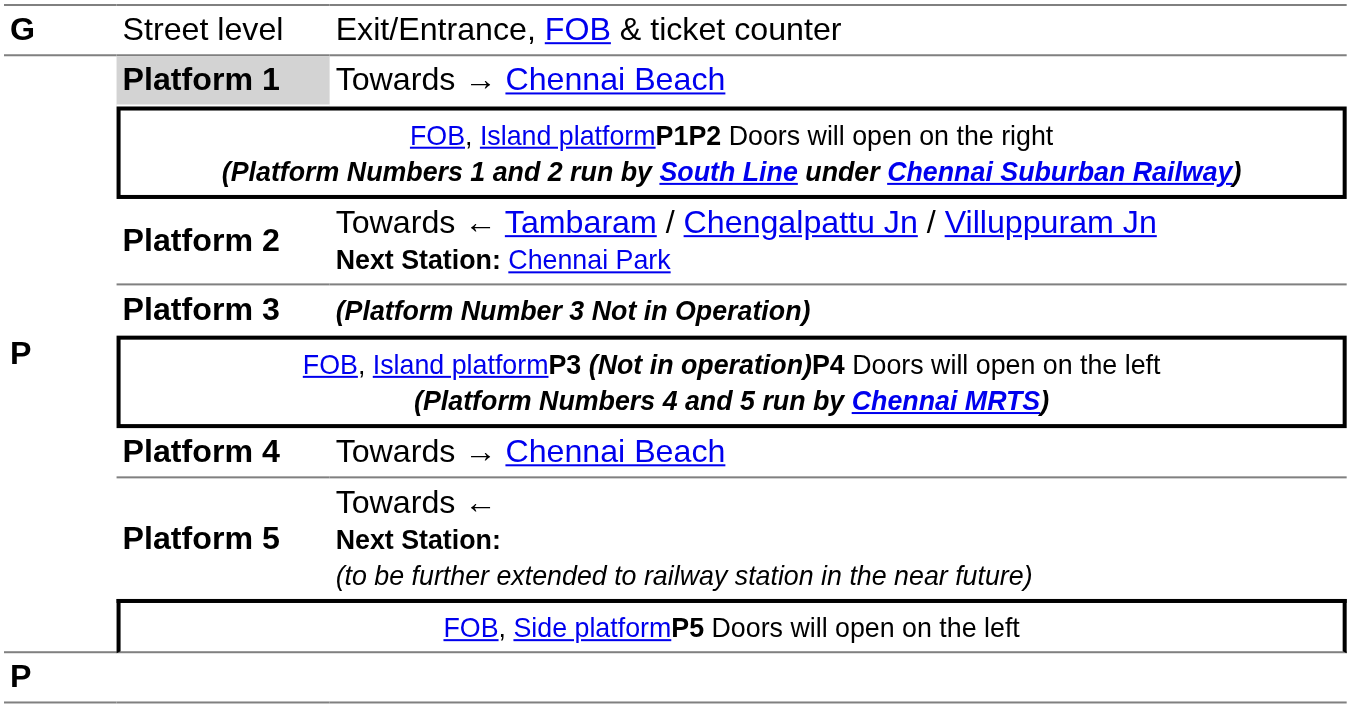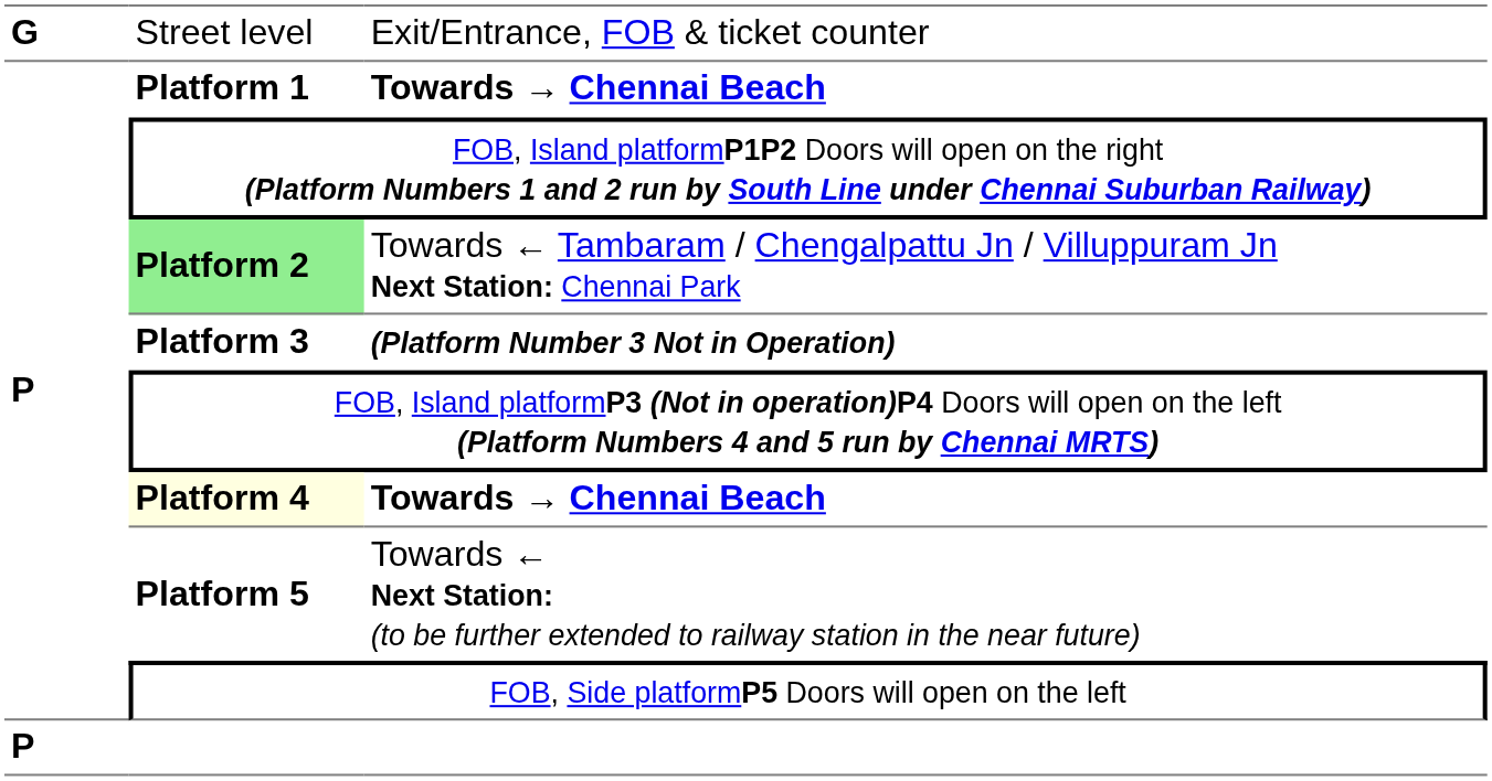 <table cellpadding="3" cellspacing="0" border="0">
 <tr>
 <td valign="top" width="50" style="border-top:solid 1px gray;border-bottom:solid 1px gray;"><strong>G</strong></td>
 <td valign="top" width="100" style="border-top:solid 1px gray;border-bottom:solid 1px gray;">Street level</td>
 <td valign="top" width="390" style="border-top:solid 1px gray;border-bottom:solid 1px gray;">Exit/Entrance, <a href='#'>FOB</a> & ticket counter</td>
 </tr>
 <tr>
 <td rowspan="8" style="border-bottom:solid 1px gray;" width="50" valign="center"><strong>P</strong></td>
-<td width="100" style="background: lightgrey; border-bottom:solid 1px white;"><span><strong>Platform 1</strong></span></td>
-<td width="500" style="border-bottom:solid 1px white;">Towards → <a href='#'>Chennai Beach</a></td>
+<td width="100" style="border-bottom:solid 1px white;"><span><strong>Platform 1</strong></span></td>
+<td width="500" style="border-bottom:solid 1px white;"><strong>Towards → <a href='#'>Chennai Beach</a></strong></td>
 </tr>
 <tr>
 <td colspan="2" style="border-top:solid 2px black;border-right:solid 2px black;border-left:solid 2px black;border-bottom:solid 2px black;text-align:center;"><a href='#'><small>FOB</small></a><small>, <a href='#'>Island platform</a><strong>P1</strong><strong>P2</strong> Doors will open on the right</small><br><small><strong><em>(Platform Numbers 1 and 2 run by <a href='#'>South Line</a> under <a href='#'>Chennai Suburban Railway</a>)</em></strong></small></td>
 </tr>
 <tr>
-<td width="100" style="border-bottom:solid 1px gray;"><span><strong>Platform 2</strong></span></td>
+<td width="100" style="background: lightgreen; border-bottom:solid 1px gray;"><span><strong>Platform 2</strong></span></td>
 <td width="500" style="border-bottom:solid 1px gray;">Towards ← <a href='#'>Tambaram</a> / <a href='#'>Chengalpattu Jn</a> / <a href='#'>Villuppuram Jn</a><br><small><strong>Next Station:</strong> <a href='#'>Chennai Park</a></small></td>
 </tr>
 <tr>
 <td width="100" style="border-bottom:solid 1px white;"><strong>Platform 3</strong></td>
 <td style="border-bottom:solid 1px white;" width="500"><strong><em><small>(Platform Number 3 Not in Operation)</small></em></strong></td>
 </tr>
 <tr>
 <td colspan="2" style="border-top:solid 2px black;border-right:solid 2px black;border-left:solid 2px black;border-bottom:solid 2px black;text-align:center;"><a href='#'><small>FOB</small></a><small>, <a href='#'>Island platform</a><strong>P3</strong> <strong><em>(Not in operation)</em></strong><strong>P4</strong> Doors will open on the left</small><br><small><strong><em>(Platform Numbers 4 and 5 run by <a href='#'>Chennai MRTS</a>)</em></strong></small></td>
 </tr>
 <tr>
-<td width="100" style="border-bottom:solid 1px gray;"><span><strong>Platform 4</strong></span></td>
-<td style="border-bottom:solid 1px gray;" width="500">Towards → <a href='#'>Chennai Beach</a></td>
+<td width="100" style="background: lightyellow; border-bottom:solid 1px gray;"><span><strong>Platform 4</strong></span></td>
+<td style="border-bottom:solid 1px gray;" width="500"><strong>Towards → <a href='#'>Chennai Beach</a></strong></td>
 </tr>
 <tr>
 <td><span><strong>Platform 5</strong></span></td>
 <td>Towards ← <br><small><strong>Next Station:</strong> <br><em>(to be further extended to <strong></strong> railway station in the near future)</em></small></td>
 </tr>
 <tr>
 <td style="border-top:solid 2px black;border-right:solid 2px black;border-left:solid 2px black;border-bottom:solid 1px gray;" colspan=2  align=center><a href='#'><small>FOB</small></a><small>, <a href='#'>Side platform</a><strong>P5</strong> Doors will open on the left</small></td>
 </tr>
 <tr>
 <td style="border-bottom:solid 1px gray;" width=50 rowspan=2 valign=top><strong>P</strong></td>
 <td style="border-bottom:solid 1px gray;" width=100></td>
 <td style="border-bottom:solid 1px gray;" width=500></td>
 </tr>
 <tr>
 </tr>
 </table>
